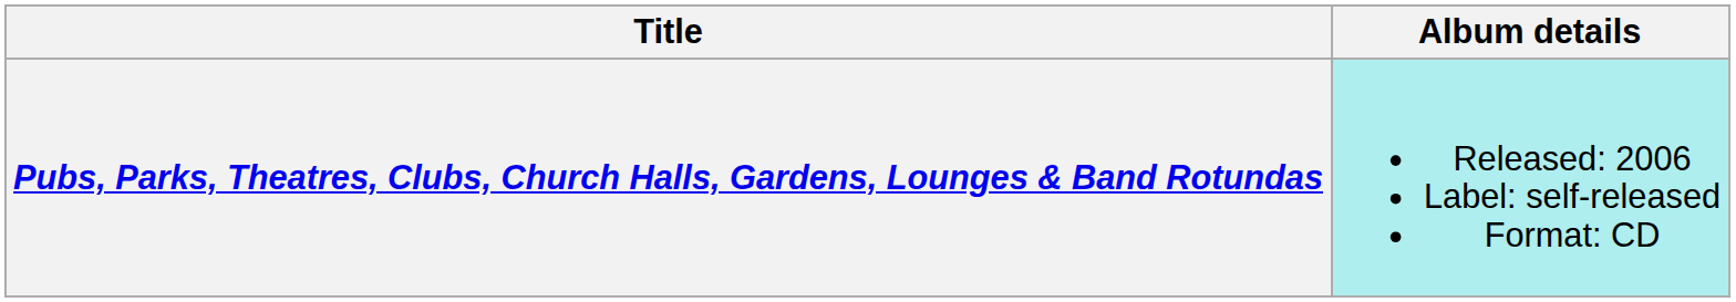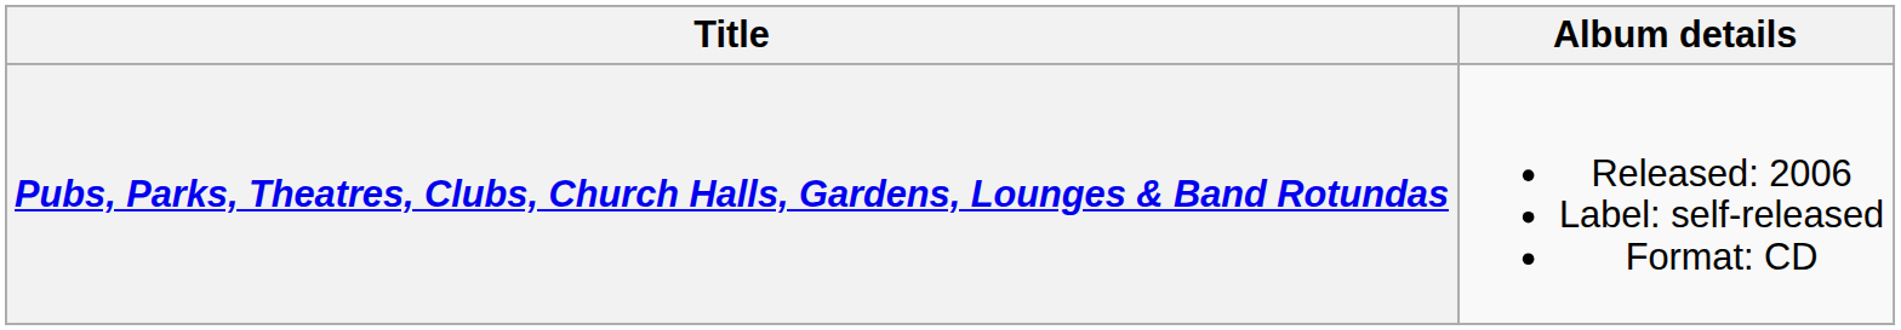 <table class="wikitable plainrowheaders" style="text-align:center;" border="1">
 <tr>
 <th>Title</th>
 <th>Album details</th>
 </tr>
 <tr>
 <th scope="row"><em><a href='#'>Pubs, Parks, Theatres, Clubs, Church Halls, Gardens, Lounges & Band Rotundas</a></em></th>
-<td style="background: paleturquoise;"><br><ul><li>Released: 2006</li><li>Label: self-released</li><li>Format: CD</li></ul></td>
+<td><br><ul><li>Released: 2006</li><li>Label: self-released</li><li>Format: CD</li></ul></td>
 </tr>
 </table>
